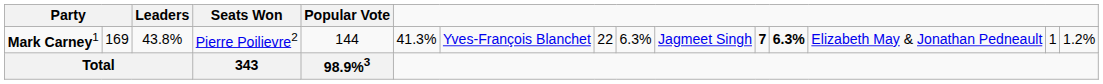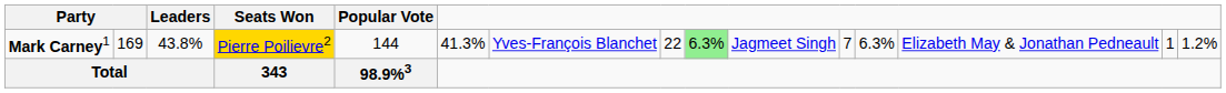 <table class="wikitable">
 <tr>
 <th colspan="2">Party</th>
 <th>Leaders</th>
 <th>Seats Won</th>
 <th>Popular Vote</th>
 </tr>
 <tr>
 <td><strong>Mark Carney</strong><sup>1</sup></td>
 <td align="center">169</td>
 <td align="center">43.8%<br></td>
-<td><a href='#'>Pierre Poilievre</a><sup>2</sup></td>
+<td style="background: gold;"><a href='#'>Pierre Poilievre</a><sup>2</sup></td>
 <td align="center">144</td>
 <td align="center">41.3%<br></td>
 <td><a href='#'>Yves-François Blanchet</a></td>
 <td align="center">22</td>
+<td align="center" style="background: lightgreen;">6.3%<br></td>
+<td><a href='#'>Jagmeet Singh</a></td>
+<td align="center">7</td>
 <td align="center">6.3%<br></td>
-<td><a href='#'>Jagmeet Singh</a></td>
-<td align="center"><strong>7</strong></td>
-<td align="center"><strong>6.3%<br></strong></td>
 <td><a href='#'>Elizabeth May</a> & <a href='#'>Jonathan Pedneault</a></td>
 <td align="center">1</td>
 <td align="center">1.2%</td>
 </tr>
 <tr>
 <th colspan="3">Total</th>
 <th align="center">343</th>
 <th align="center">98.9%<sup>3</sup></th>
 </tr>
 </table>
